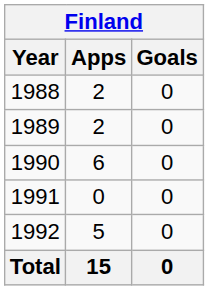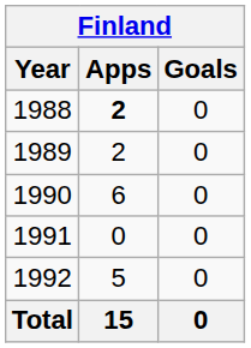 <table class=wikitable style=text-align:center>
 <tr>
 <th colspan=4><a href='#'>Finland</a></th>
 </tr>
 <tr>
 <th>Year</th>
 <th>Apps</th>
 <th>Goals</th>
 </tr>
 <tr>
 <td>1988</td>
-<td>2</td>
+<td><strong>2</strong></td>
 <td>0</td>
 </tr>
 <tr>
 <td>1989</td>
 <td>2</td>
 <td>0</td>
 </tr>
 <tr>
 <td>1990</td>
 <td>6</td>
 <td>0</td>
 </tr>
 <tr>
 <td>1991</td>
 <td>0</td>
 <td>0</td>
 </tr>
 <tr>
 <td>1992</td>
 <td>5</td>
 <td>0</td>
 </tr>
 <tr>
 <th colspan=1>Total</th>
 <th>15</th>
 <th>0</th>
 </tr>
 </table>
